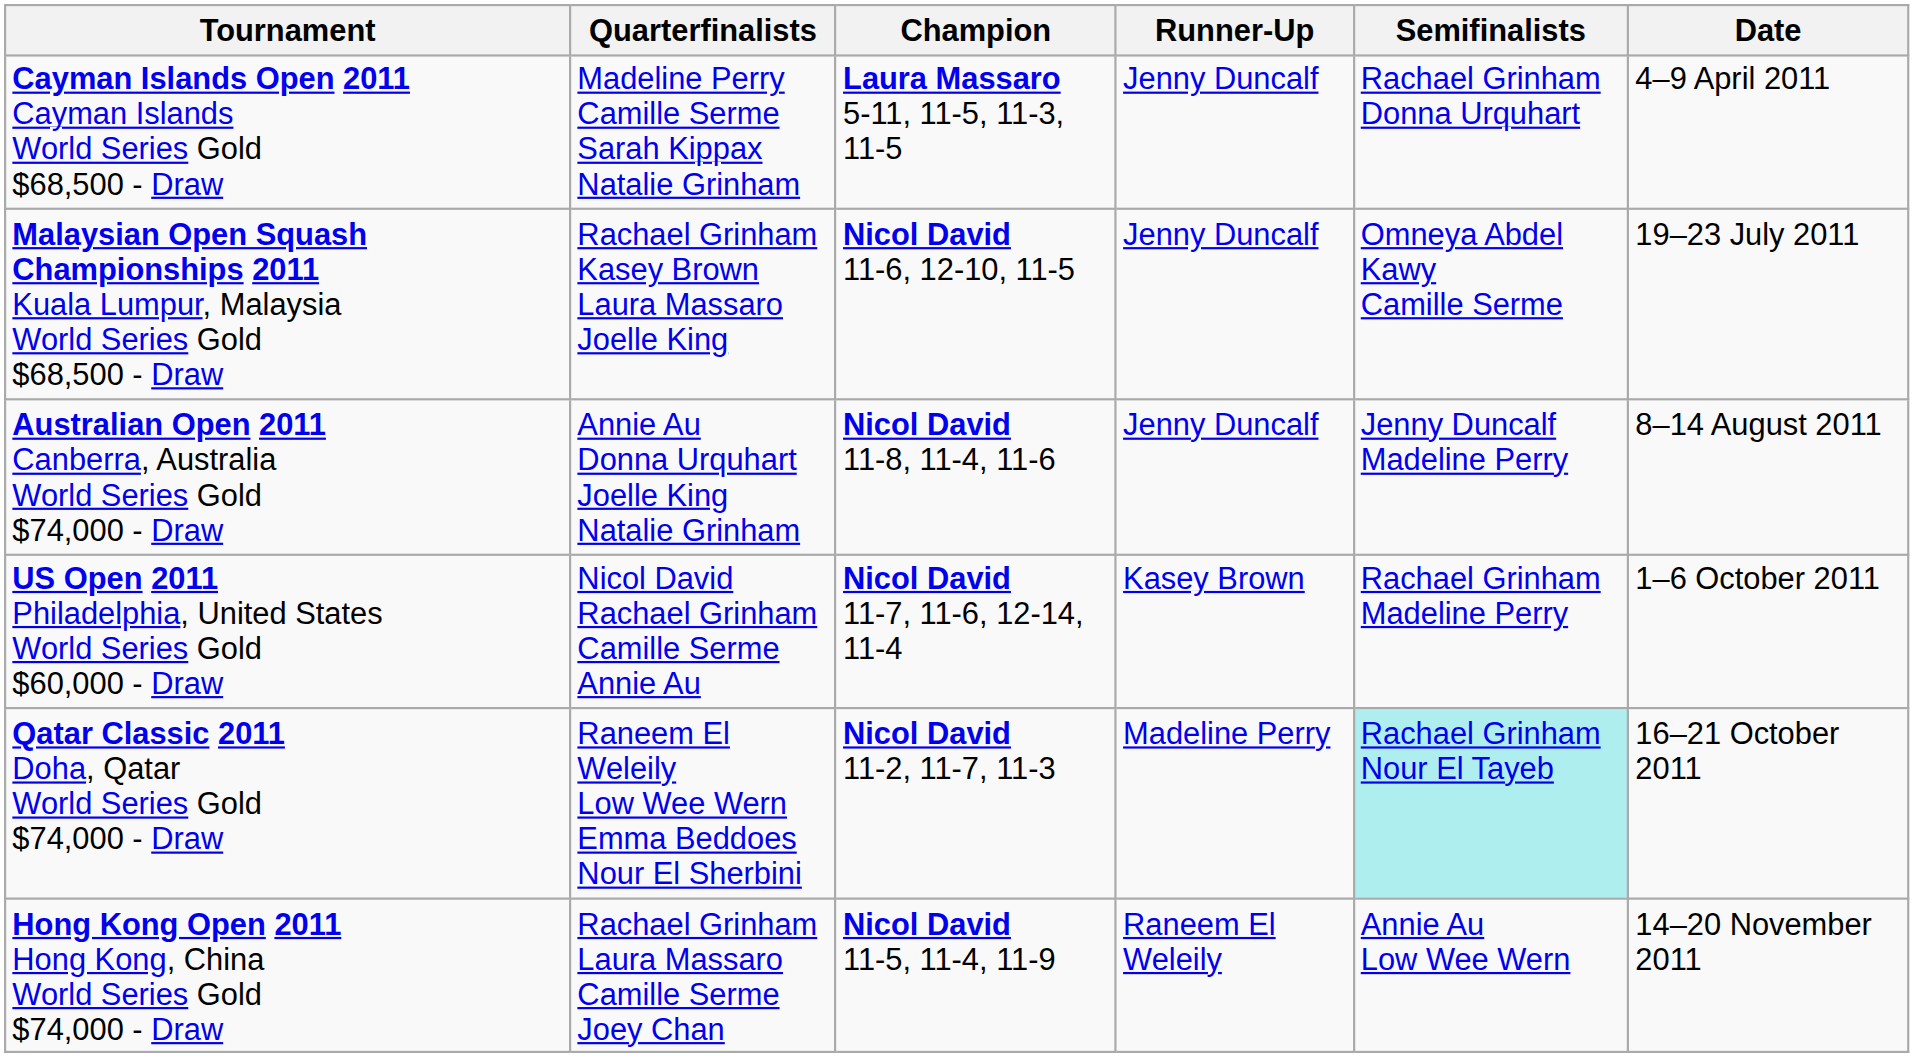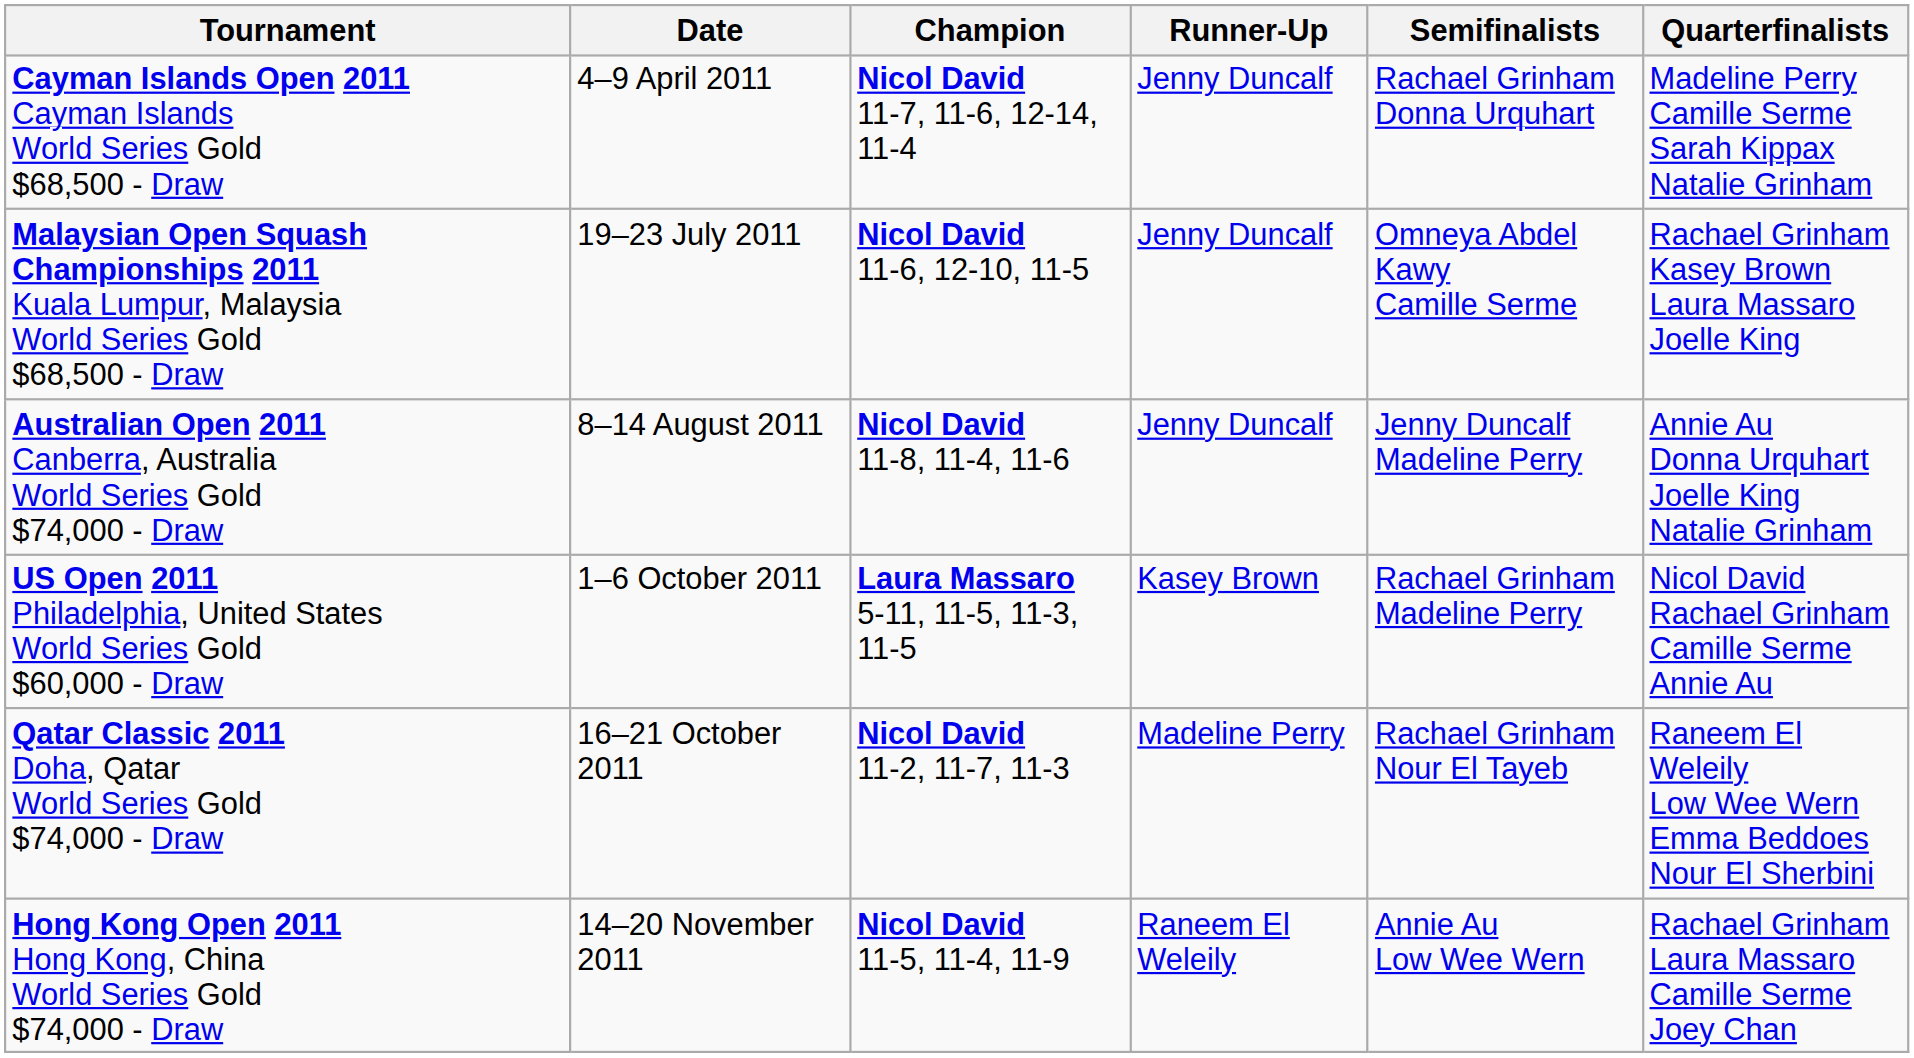 <table class="wikitable" style="font-size:88%">
 <tr>
 <th>Tournament</th>
-<th>Quarterfinalists</th>
+<th>Date</th>
 <th>Champion</th>
 <th>Runner-Up</th>
 <th>Semifinalists</th>
-<th>Date</th>
+<th>Quarterfinalists</th>
 </tr>
 <tr valign=top>
 <td><strong><a href='#'>Cayman Islands Open</a> <a href='#'>2011</a></strong><br> <a href='#'>Cayman Islands</a><br><a href='#'>World Series</a> Gold<br>$68,500 - <a href='#'>Draw</a></td>
-<td> <a href='#'>Madeline Perry</a><br> <a href='#'>Camille Serme</a><br> <a href='#'>Sarah Kippax</a><br> <a href='#'>Natalie Grinham</a></td>
-<td> <strong><a href='#'>Laura Massaro</a></strong><br>5-11, 11-5, 11-3, 11-5</td>
+<td>4–9 April 2011</td>
+<td> <strong><a href='#'>Nicol David</a></strong><br>11-7, 11-6, 12-14, 11-4</td>
 <td> <a href='#'>Jenny Duncalf</a></td>
 <td> <a href='#'>Rachael Grinham</a><br> <a href='#'>Donna Urquhart</a></td>
-<td>4–9 April 2011</td>
+<td> <a href='#'>Madeline Perry</a><br> <a href='#'>Camille Serme</a><br> <a href='#'>Sarah Kippax</a><br> <a href='#'>Natalie Grinham</a></td>
 </tr>
 <tr valign=top>
 <td><strong><a href='#'>Malaysian Open Squash Championships</a> <a href='#'>2011</a></strong><br> <a href='#'>Kuala Lumpur</a>, Malaysia<br><a href='#'>World Series</a> Gold<br>$68,500 - <a href='#'>Draw</a></td>
-<td> <a href='#'>Rachael Grinham</a><br> <a href='#'>Kasey Brown</a><br> <a href='#'>Laura Massaro</a><br> <a href='#'>Joelle King</a></td>
+<td>19–23 July 2011</td>
 <td> <strong><a href='#'>Nicol David</a></strong><br>11-6, 12-10, 11-5</td>
 <td> <a href='#'>Jenny Duncalf</a></td>
 <td> <a href='#'>Omneya Abdel Kawy</a><br> <a href='#'>Camille Serme</a></td>
-<td>19–23 July 2011</td>
+<td> <a href='#'>Rachael Grinham</a><br> <a href='#'>Kasey Brown</a><br> <a href='#'>Laura Massaro</a><br> <a href='#'>Joelle King</a></td>
 </tr>
 <tr valign=top>
 <td><strong><a href='#'>Australian Open</a> <a href='#'>2011</a></strong><br> <a href='#'>Canberra</a>, Australia<br><a href='#'>World Series</a> Gold<br>$74,000 - <a href='#'>Draw</a></td>
-<td> <a href='#'>Annie Au</a><br> <a href='#'>Donna Urquhart</a><br> <a href='#'>Joelle King</a><br> <a href='#'>Natalie Grinham</a></td>
+<td>8–14 August 2011</td>
 <td> <strong><a href='#'>Nicol David</a></strong><br>11-8, 11-4, 11-6</td>
 <td> <a href='#'>Jenny Duncalf</a></td>
 <td> <a href='#'>Jenny Duncalf</a><br> <a href='#'>Madeline Perry</a></td>
-<td>8–14 August 2011</td>
+<td> <a href='#'>Annie Au</a><br> <a href='#'>Donna Urquhart</a><br> <a href='#'>Joelle King</a><br> <a href='#'>Natalie Grinham</a></td>
 </tr>
 <tr valign=top>
 <td><strong><a href='#'>US Open</a> <a href='#'>2011</a></strong><br> <a href='#'>Philadelphia</a>, United States<br><a href='#'>World Series</a> Gold<br>$60,000 - <a href='#'>Draw</a></td>
-<td> <a href='#'>Nicol David</a><br> <a href='#'>Rachael Grinham</a><br> <a href='#'>Camille Serme</a><br> <a href='#'>Annie Au</a></td>
-<td> <strong><a href='#'>Nicol David</a></strong><br>11-7, 11-6, 12-14, 11-4</td>
+<td>1–6 October 2011</td>
+<td> <strong><a href='#'>Laura Massaro</a></strong><br>5-11, 11-5, 11-3, 11-5</td>
 <td> <a href='#'>Kasey Brown</a></td>
 <td> <a href='#'>Rachael Grinham</a><br> <a href='#'>Madeline Perry</a></td>
-<td>1–6 October 2011</td>
+<td> <a href='#'>Nicol David</a><br> <a href='#'>Rachael Grinham</a><br> <a href='#'>Camille Serme</a><br> <a href='#'>Annie Au</a></td>
 </tr>
 <tr valign=top>
 <td><strong><a href='#'>Qatar Classic</a> <a href='#'>2011</a></strong><br> <a href='#'>Doha</a>, Qatar<br><a href='#'>World Series</a> Gold<br>$74,000 - <a href='#'>Draw</a></td>
-<td> <a href='#'>Raneem El Weleily</a><br> <a href='#'>Low Wee Wern</a><br> <a href='#'>Emma Beddoes</a><br> <a href='#'>Nour El Sherbini</a></td>
+<td>16–21 October 2011</td>
 <td> <strong><a href='#'>Nicol David</a></strong><br>11-2, 11-7, 11-3</td>
 <td> <a href='#'>Madeline Perry</a></td>
-<td style="background: paleturquoise;"> <a href='#'>Rachael Grinham</a><br> <a href='#'>Nour El Tayeb</a></td>
-<td>16–21 October 2011</td>
+<td> <a href='#'>Rachael Grinham</a><br> <a href='#'>Nour El Tayeb</a></td>
+<td> <a href='#'>Raneem El Weleily</a><br> <a href='#'>Low Wee Wern</a><br> <a href='#'>Emma Beddoes</a><br> <a href='#'>Nour El Sherbini</a></td>
 </tr>
 <tr valign=top>
 <td><strong><a href='#'>Hong Kong Open</a> <a href='#'>2011</a></strong><br> <a href='#'>Hong Kong</a>, China<br><a href='#'>World Series</a> Gold<br>$74,000 - <a href='#'>Draw</a></td>
-<td> <a href='#'>Rachael Grinham</a><br> <a href='#'>Laura Massaro</a><br> <a href='#'>Camille Serme</a><br> <a href='#'>Joey Chan</a></td>
+<td>14–20 November 2011</td>
 <td> <strong><a href='#'>Nicol David</a></strong><br>11-5, 11-4, 11-9</td>
 <td> <a href='#'>Raneem El Weleily</a></td>
 <td> <a href='#'>Annie Au</a><br> <a href='#'>Low Wee Wern</a></td>
-<td>14–20 November 2011</td>
+<td> <a href='#'>Rachael Grinham</a><br> <a href='#'>Laura Massaro</a><br> <a href='#'>Camille Serme</a><br> <a href='#'>Joey Chan</a></td>
 </tr>
 </table>
